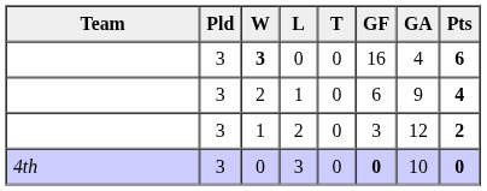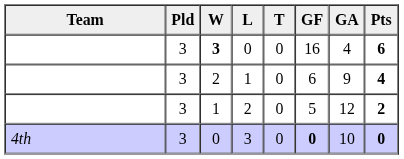 <table border=1 cellpadding=5 cellspacing=0>
 <tr>
 <th bgcolor="#efefef" width="150">Team</th>
 <th bgcolor="#efefef" width="20">Pld</th>
 <th bgcolor="#efefef" width="20">W</th>
 <th bgcolor="#efefef" width="20">L</th>
 <th bgcolor="#efefef" width="20">T</th>
 <th bgcolor="#efefef" width="20">GF</th>
 <th bgcolor="#efefef" width="20">GA</th>
 <th bgcolor="#efefef" width="20">Pts</th>
 </tr>
 <tr align=center>
 <td align=left></td>
 <td>3</td>
 <td><strong>3</strong></td>
 <td>0</td>
 <td>0</td>
 <td>16</td>
 <td>4</td>
 <td><strong>6</strong></td>
 </tr>
 <tr align=center>
 <td align=left></td>
 <td>3</td>
 <td>2</td>
 <td>1</td>
 <td>0</td>
 <td>6</td>
 <td>9</td>
 <td><strong>4</strong></td>
 </tr>
 <tr align=center>
 <td align=left></td>
 <td>3</td>
 <td>1</td>
 <td>2</td>
 <td>0</td>
-<td>3</td>
+<td>5</td>
 <td>12</td>
 <td><strong>2</strong></td>
 </tr>
 <tr align=center bgcolor="ccccff">
 <td align=left> <em>4th</em></td>
 <td>3</td>
 <td>0</td>
 <td>3</td>
 <td>0</td>
 <td><strong>0</strong></td>
 <td>10</td>
 <td><strong>0</strong></td>
 </tr>
 </table>
